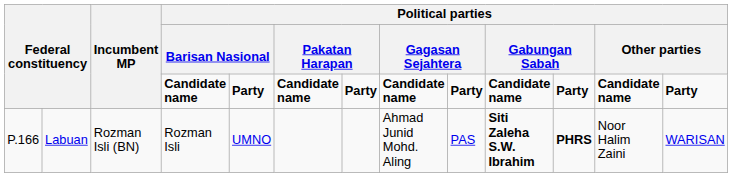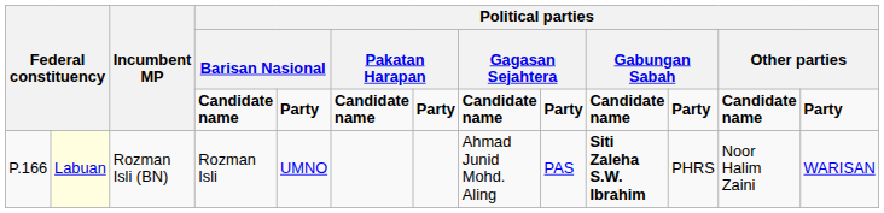 <table class="wikitable mw-collapsible mw-collapsed">
 <tr>
 <th rowspan="3" colspan="2">Federal constituency</th>
 <th rowspan="3">Incumbent MP</th>
 <th colspan="10">Political parties</th>
 </tr>
 <tr>
 <th colspan="2"><br><a href='#'>Barisan Nasional</a></th>
 <th colspan="2"><br><a href='#'>Pakatan Harapan</a></th>
 <th colspan="2"><br><a href='#'>Gagasan Sejahtera</a></th>
 <th colspan="2"><br><a href='#'>Gabungan Sabah</a></th>
 <th colspan="2">Other parties</th>
 </tr>
 <tr>
 <td><strong>Candidate name</strong></td>
 <td><strong>Party</strong></td>
 <td><strong>Candidate name</strong></td>
 <td><strong>Party</strong></td>
 <td><strong>Candidate name</strong></td>
 <td><strong>Party</strong></td>
 <td><strong>Candidate name</strong></td>
 <td><strong>Party</strong></td>
 <td><strong>Candidate name</strong></td>
 <td><strong>Party</strong></td>
 </tr>
 <tr>
 <td>P.166</td>
-<td><a href='#'>Labuan</a></td>
+<td style="background: lightyellow;"><a href='#'>Labuan</a></td>
 <td>Rozman Isli (BN)</td>
 <td>Rozman Isli</td>
 <td><a href='#'>UMNO</a></td>
 <td></td>
 <td></td>
 <td>Ahmad Junid Mohd. Aling</td>
 <td><a href='#'>PAS</a></td>
 <td><strong>Siti Zaleha S.W. Ibrahim</strong></td>
-<td><strong>PHRS</strong></td>
+<td>PHRS</td>
 <td>Noor Halim Zaini</td>
 <td><a href='#'>WARISAN</a></td>
 </tr>
 </table>
